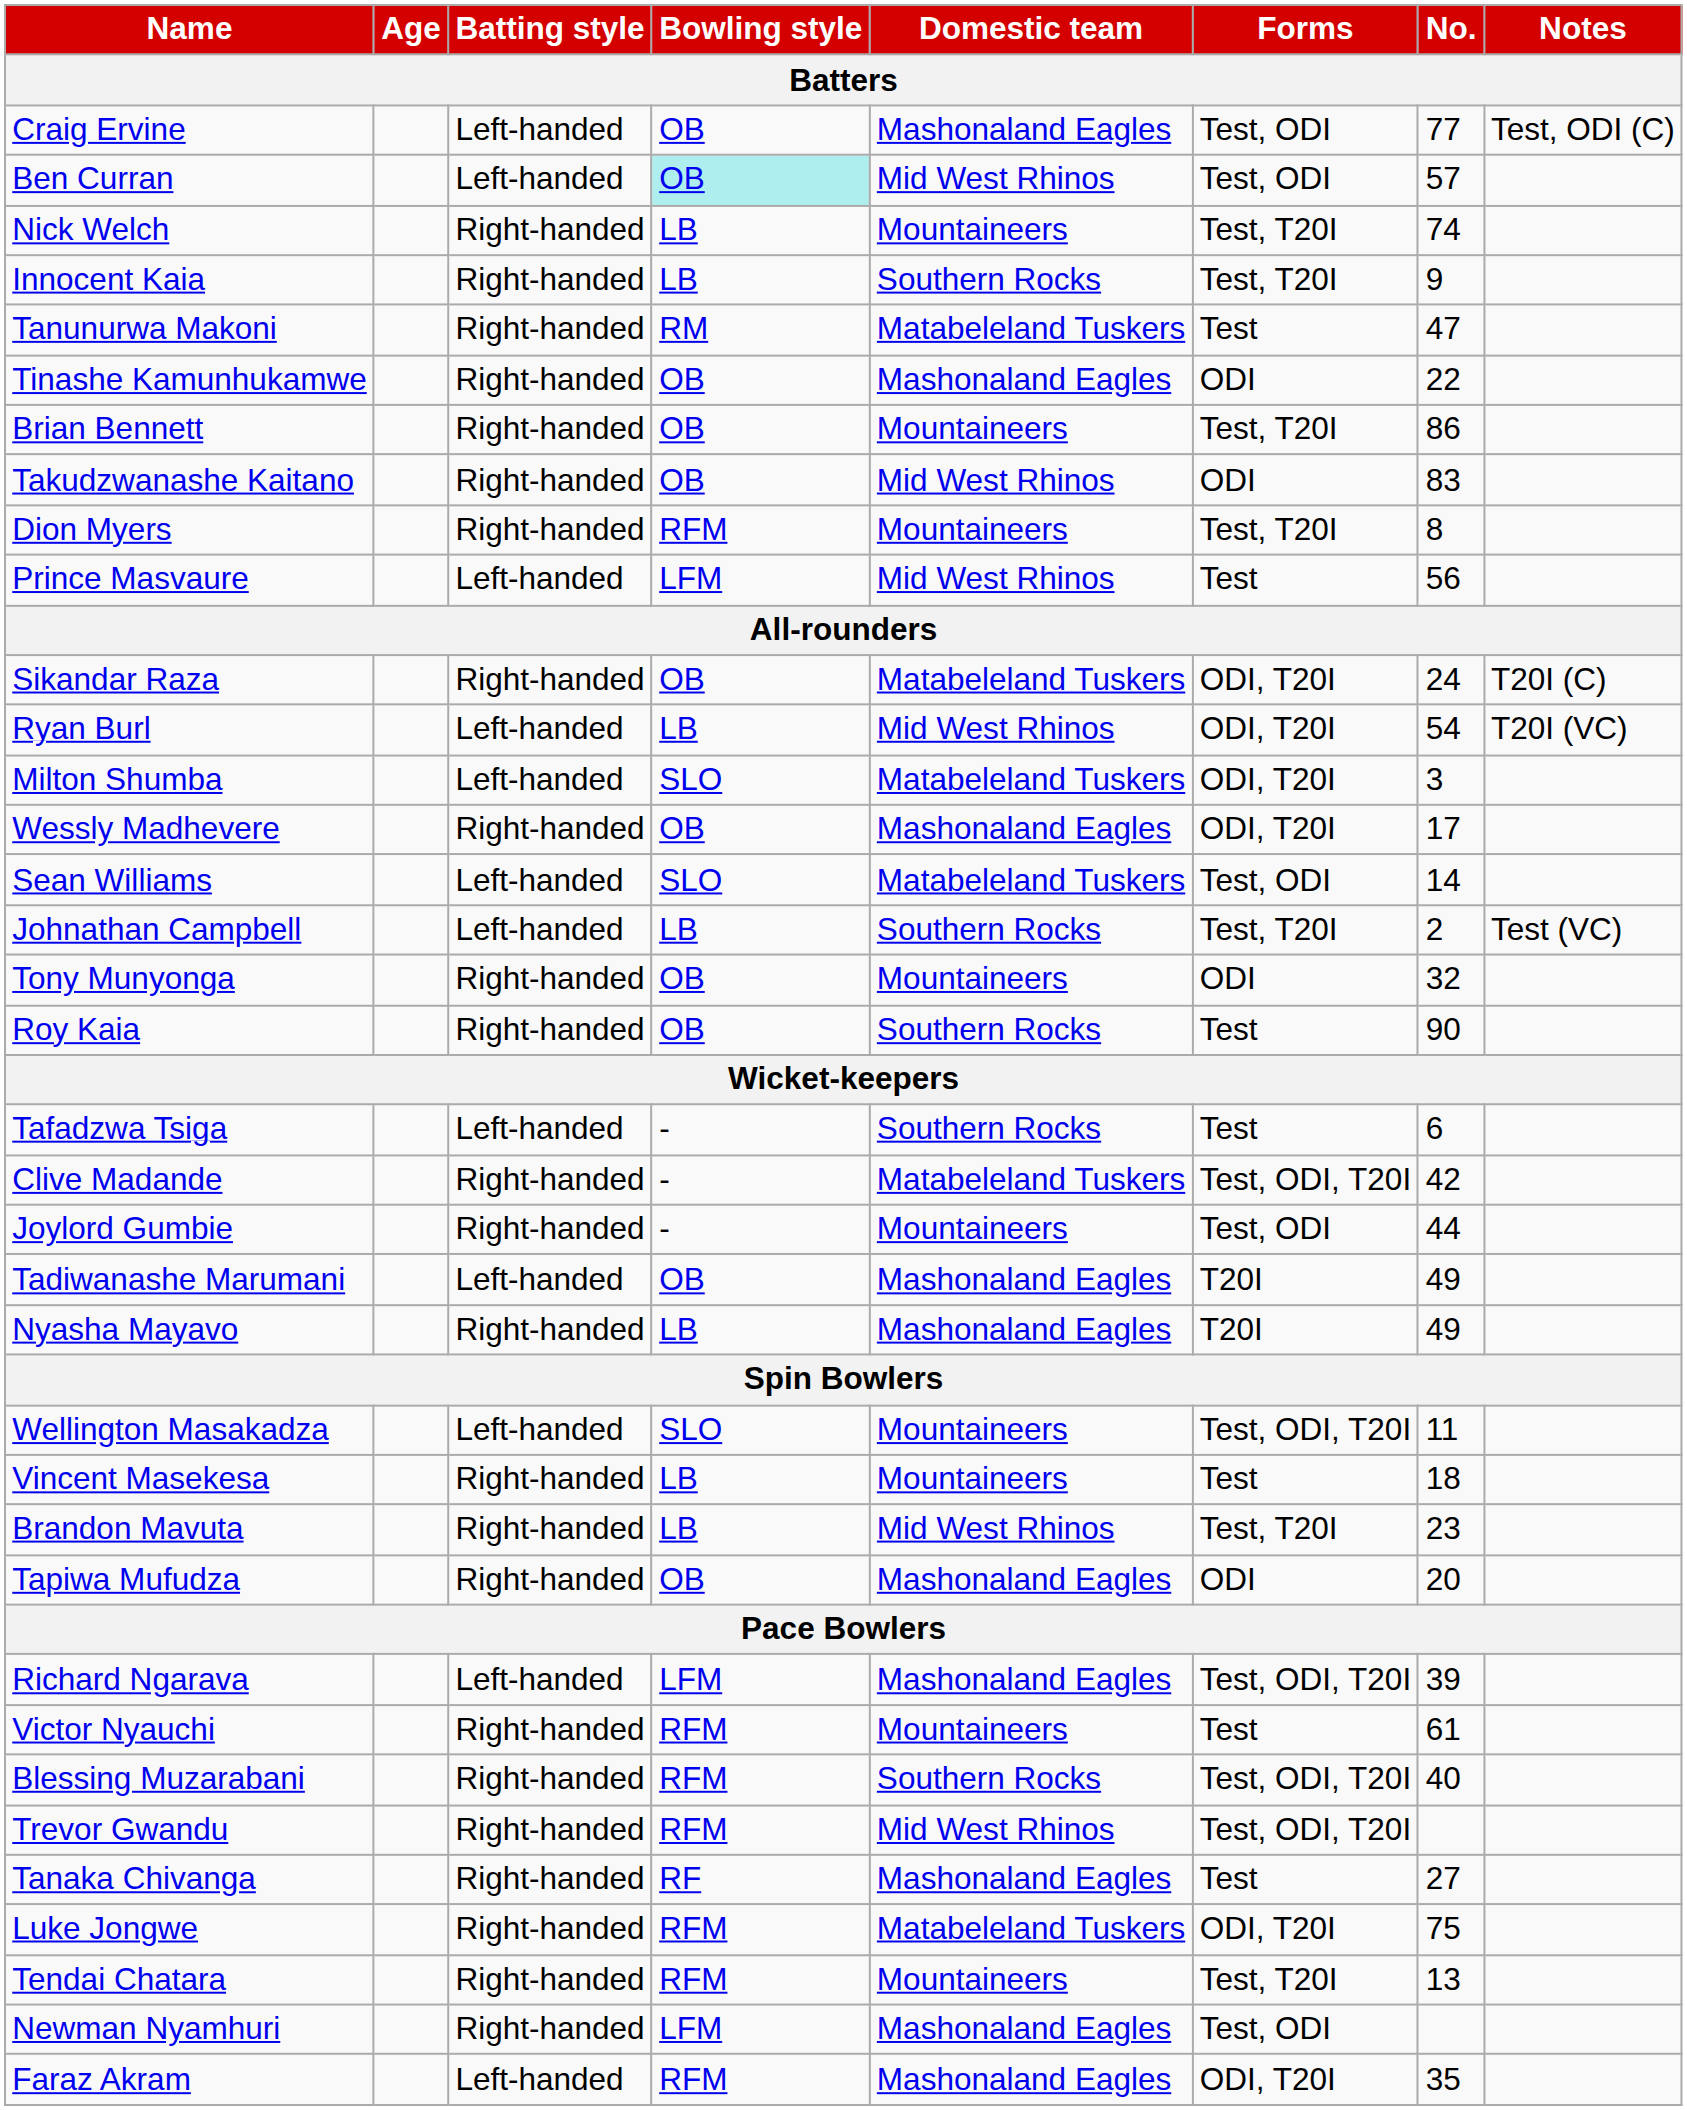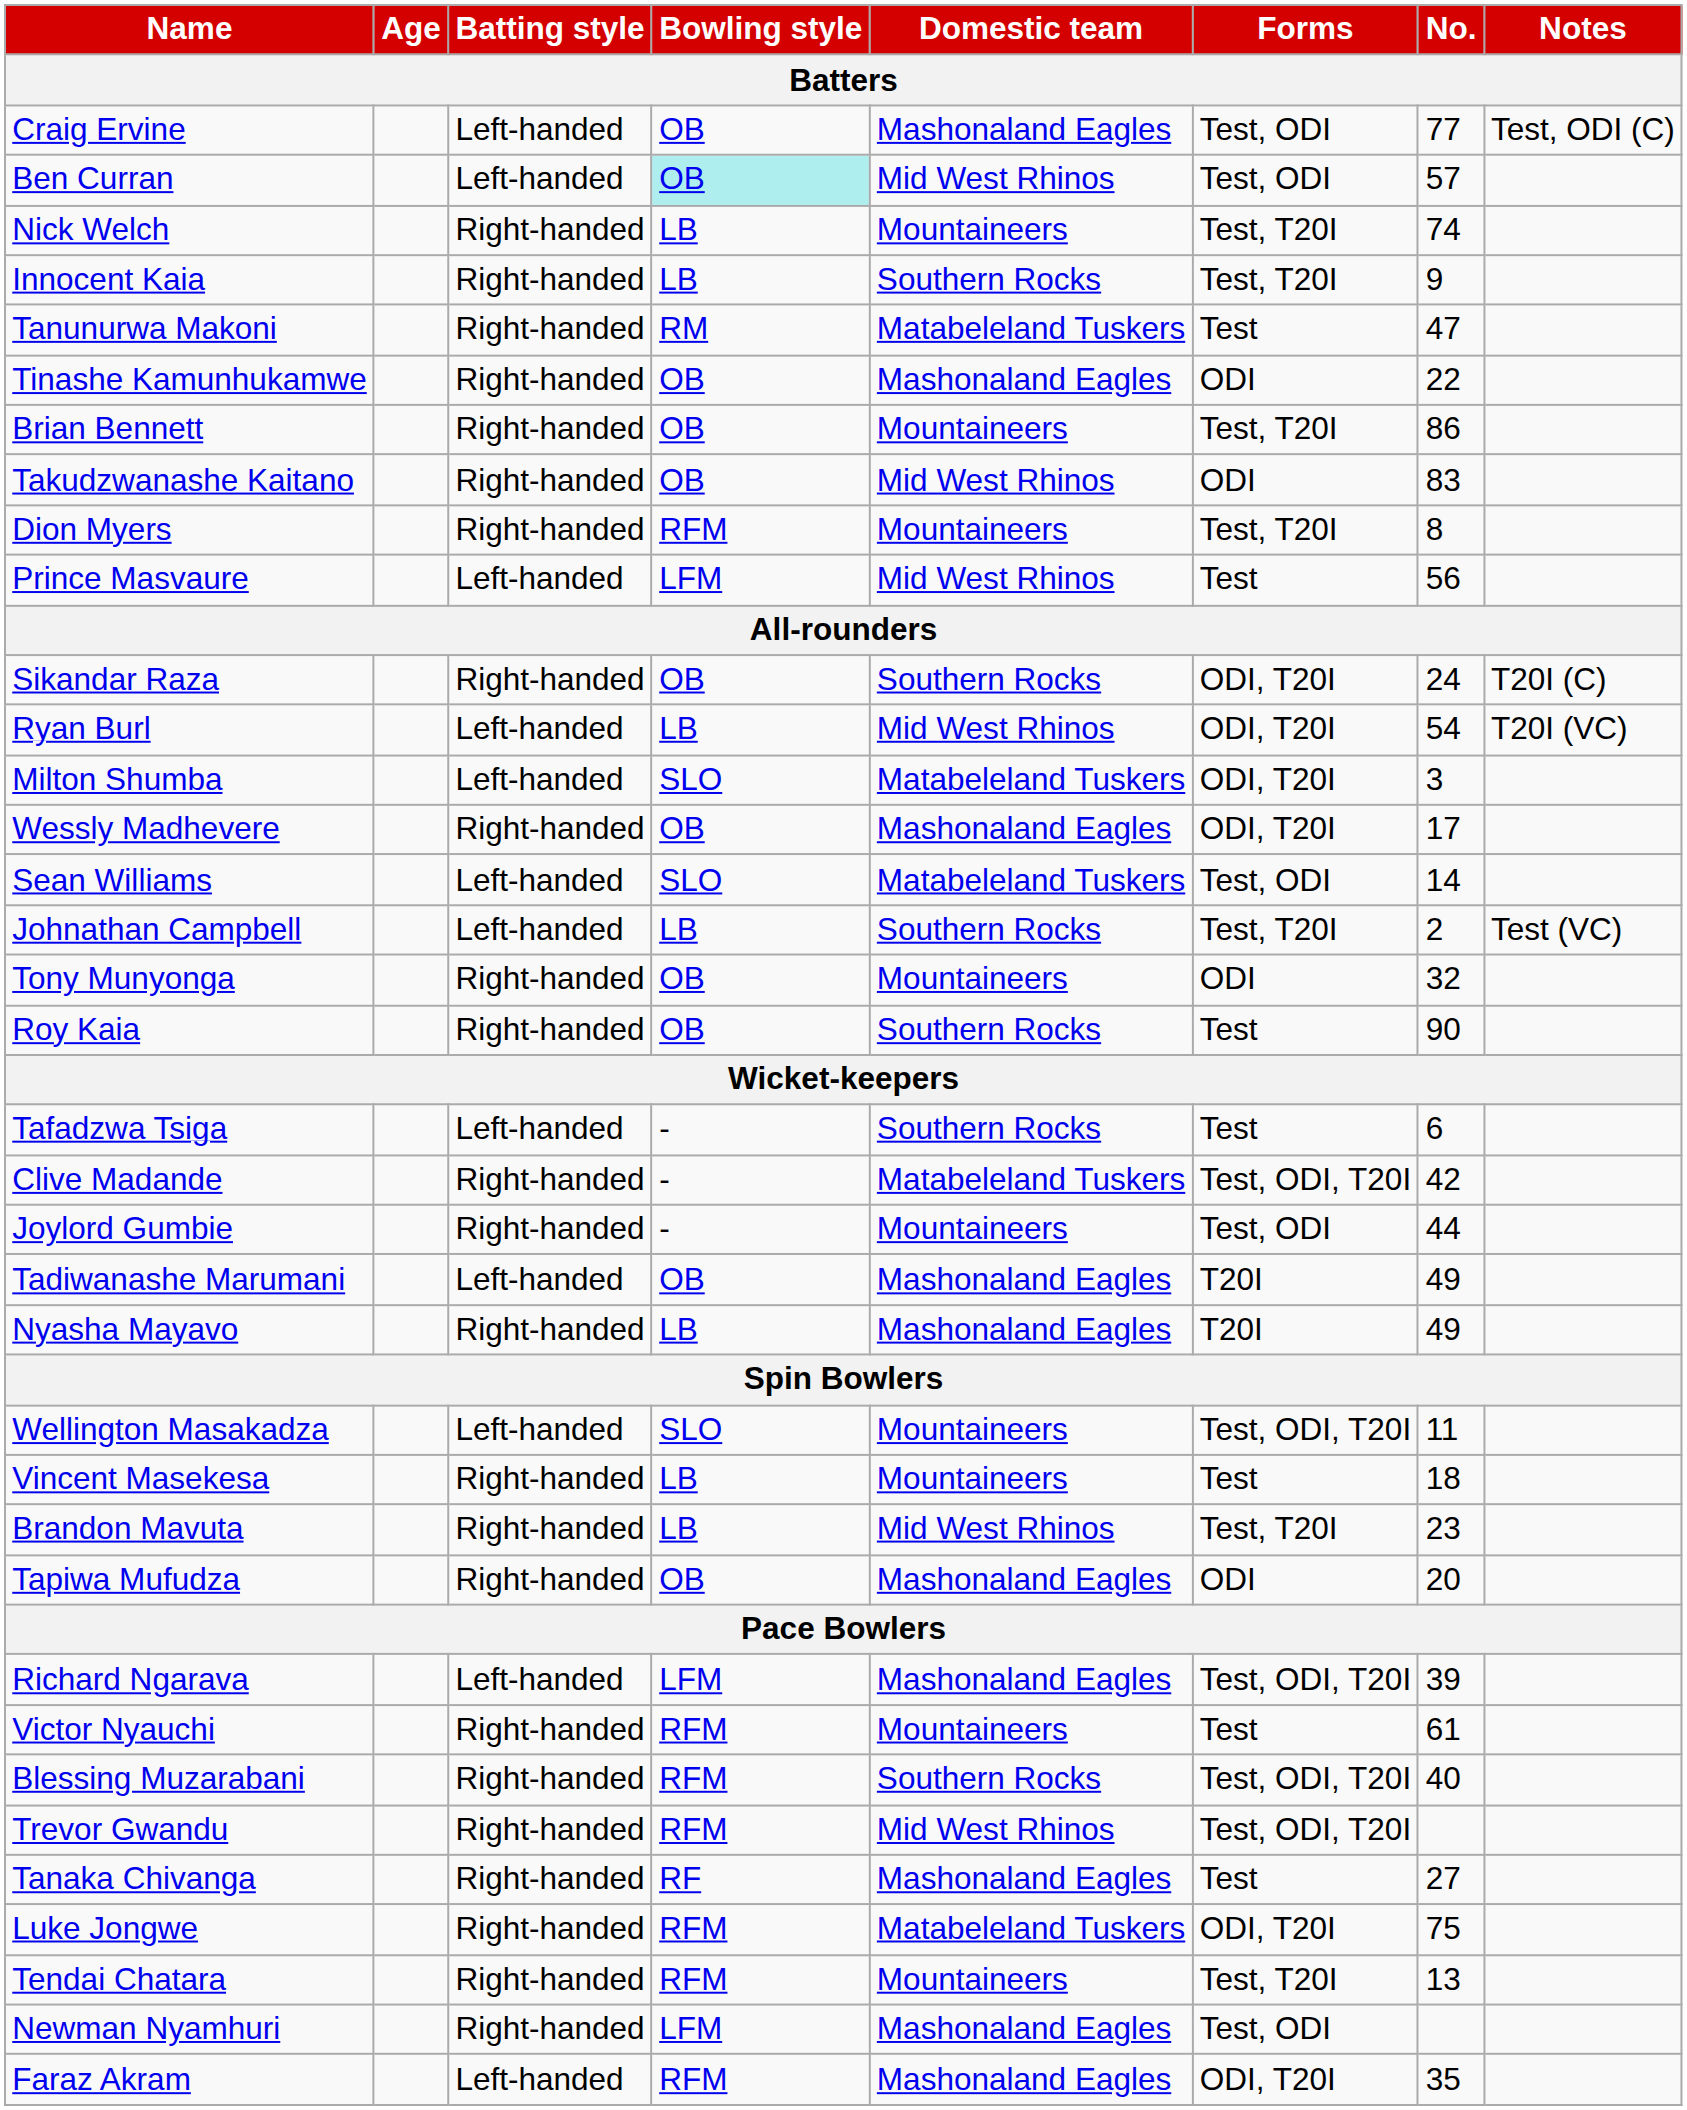 <table class="wikitable">
 <tr>
 <th style="text-align:center; background:#D40000; color:white;">Name</th>
 <th style="text-align:center; background:#D40000; color:white;">Age</th>
 <th style="text-align:center; background:#D40000; color:white;">Batting style</th>
 <th style="text-align:center; background:#D40000; color:white;">Bowling style</th>
 <th style="text-align:center; background:#D40000; color:white;">Domestic team</th>
 <th style="text-align:center; background:#D40000; color:white;">Forms</th>
 <th style="text-align:center; background:#D40000; color:white;">No.</th>
 <th style="text-align:center; background:#D40000; color:white;">Notes</th>
 </tr>
 <tr>
 <th colspan="9">Batters</th>
 </tr>
 <tr>
 <td><a href='#'>Craig Ervine</a></td>
 <td></td>
 <td>Left-handed</td>
 <td><a href='#'>OB</a></td>
 <td><a href='#'>Mashonaland Eagles</a></td>
 <td>Test, ODI</td>
 <td>77</td>
 <td>Test, ODI (C)</td>
 </tr>
 <tr>
 <td><a href='#'>Ben Curran</a></td>
 <td></td>
 <td>Left-handed</td>
 <td style="background: paleturquoise;"><a href='#'>OB</a></td>
 <td><a href='#'>Mid West Rhinos</a></td>
 <td>Test, ODI</td>
 <td>57</td>
 <td></td>
 </tr>
 <tr>
 <td><a href='#'>Nick Welch</a></td>
 <td></td>
 <td>Right-handed</td>
 <td><a href='#'>LB</a></td>
 <td><a href='#'>Mountaineers</a></td>
 <td>Test, T20I</td>
 <td>74</td>
 <td></td>
 </tr>
 <tr>
 <td><a href='#'>Innocent Kaia</a></td>
 <td></td>
 <td>Right-handed</td>
 <td><a href='#'>LB</a></td>
 <td><a href='#'>Southern Rocks</a></td>
 <td>Test, T20I</td>
 <td>9</td>
 <td></td>
 </tr>
 <tr>
 <td><a href='#'>Tanunurwa Makoni</a></td>
 <td></td>
 <td>Right-handed</td>
 <td><a href='#'>RM</a></td>
 <td><a href='#'>Matabeleland Tuskers</a></td>
 <td>Test</td>
 <td>47</td>
 <td></td>
 </tr>
 <tr>
 <td><a href='#'>Tinashe Kamunhukamwe</a></td>
 <td></td>
 <td>Right-handed</td>
 <td><a href='#'>OB</a></td>
 <td><a href='#'>Mashonaland Eagles</a></td>
 <td>ODI</td>
 <td>22</td>
 <td></td>
 </tr>
 <tr>
 <td><a href='#'>Brian Bennett</a></td>
 <td></td>
 <td>Right-handed</td>
 <td><a href='#'>OB</a></td>
 <td><a href='#'>Mountaineers</a></td>
 <td>Test, T20I</td>
 <td>86</td>
 <td></td>
 </tr>
 <tr>
 <td><a href='#'>Takudzwanashe Kaitano</a></td>
 <td></td>
 <td>Right-handed</td>
 <td><a href='#'>OB</a></td>
 <td><a href='#'>Mid West Rhinos</a></td>
 <td>ODI</td>
 <td>83</td>
 <td></td>
 </tr>
 <tr>
 <td><a href='#'>Dion Myers</a></td>
 <td></td>
 <td>Right-handed</td>
 <td><a href='#'>RFM</a></td>
 <td><a href='#'>Mountaineers</a></td>
 <td>Test, T20I</td>
 <td>8</td>
 <td></td>
 </tr>
 <tr>
 <td><a href='#'>Prince Masvaure</a></td>
 <td></td>
 <td>Left-handed</td>
 <td><a href='#'>LFM</a></td>
 <td><a href='#'>Mid West Rhinos</a></td>
 <td>Test</td>
 <td>56</td>
 <td></td>
 </tr>
 <tr>
 <th colspan="8">All-rounders</th>
 </tr>
 <tr>
 <td><a href='#'>Sikandar Raza</a></td>
 <td></td>
 <td>Right-handed</td>
 <td><a href='#'>OB</a></td>
-<td><a href='#'>Matabeleland Tuskers</a></td>
+<td><a href='#'>Southern Rocks</a></td>
 <td>ODI, T20I</td>
 <td>24</td>
 <td>T20I (C)</td>
 </tr>
 <tr>
 <td><a href='#'>Ryan Burl</a></td>
 <td></td>
 <td>Left-handed</td>
 <td><a href='#'>LB</a></td>
 <td><a href='#'>Mid West Rhinos</a></td>
 <td>ODI, T20I</td>
 <td>54</td>
 <td>T20I (VC)</td>
 </tr>
 <tr>
 <td><a href='#'>Milton Shumba</a></td>
 <td></td>
 <td>Left-handed</td>
 <td><a href='#'>SLO</a></td>
 <td><a href='#'>Matabeleland Tuskers</a></td>
 <td>ODI, T20I</td>
 <td>3</td>
 <td></td>
 </tr>
 <tr>
 <td><a href='#'>Wessly Madhevere</a></td>
 <td></td>
 <td>Right-handed</td>
 <td><a href='#'>OB</a></td>
 <td><a href='#'>Mashonaland Eagles</a></td>
 <td>ODI, T20I</td>
 <td>17</td>
 <td></td>
 </tr>
 <tr>
 <td><a href='#'>Sean Williams</a></td>
 <td></td>
 <td>Left-handed</td>
 <td><a href='#'>SLO</a></td>
 <td><a href='#'>Matabeleland Tuskers</a></td>
 <td>Test, ODI</td>
 <td>14</td>
 <td></td>
 </tr>
 <tr>
 <td><a href='#'>Johnathan Campbell</a></td>
 <td></td>
 <td>Left-handed</td>
 <td><a href='#'>LB</a></td>
 <td><a href='#'>Southern Rocks</a></td>
 <td>Test, T20I</td>
 <td>2</td>
 <td>Test (VC)</td>
 </tr>
 <tr>
 <td><a href='#'>Tony Munyonga</a></td>
 <td></td>
 <td>Right-handed</td>
 <td><a href='#'>OB</a></td>
 <td><a href='#'>Mountaineers</a></td>
 <td>ODI</td>
 <td>32</td>
 <td></td>
 </tr>
 <tr>
 <td><a href='#'>Roy Kaia</a></td>
 <td></td>
 <td>Right-handed</td>
 <td><a href='#'>OB</a></td>
 <td><a href='#'>Southern Rocks</a></td>
 <td>Test</td>
 <td>90</td>
 <td></td>
 </tr>
 <tr>
 <th colspan="8">Wicket-keepers</th>
 </tr>
 <tr>
 <td><a href='#'>Tafadzwa Tsiga</a></td>
 <td></td>
 <td>Left-handed</td>
 <td>-</td>
 <td><a href='#'>Southern Rocks</a></td>
 <td>Test</td>
 <td>6</td>
 <td></td>
 </tr>
 <tr>
 <td><a href='#'>Clive Madande</a></td>
 <td></td>
 <td>Right-handed</td>
 <td>-</td>
 <td><a href='#'>Matabeleland Tuskers</a></td>
 <td>Test, ODI, T20I</td>
 <td>42</td>
 <td></td>
 </tr>
 <tr>
 <td><a href='#'>Joylord Gumbie</a></td>
 <td></td>
 <td>Right-handed</td>
 <td>-</td>
 <td><a href='#'>Mountaineers</a></td>
 <td>Test, ODI</td>
 <td>44</td>
 <td></td>
 </tr>
 <tr>
 <td><a href='#'>Tadiwanashe Marumani</a></td>
 <td></td>
 <td>Left-handed</td>
 <td><a href='#'>OB</a></td>
 <td><a href='#'>Mashonaland Eagles</a></td>
 <td>T20I</td>
 <td>49</td>
 <td></td>
 </tr>
 <tr>
 <td><a href='#'>Nyasha Mayavo</a></td>
 <td></td>
 <td>Right-handed</td>
 <td><a href='#'>LB</a></td>
 <td><a href='#'>Mashonaland Eagles</a></td>
 <td>T20I</td>
 <td>49</td>
 <td></td>
 </tr>
 <tr>
 <th colspan="8">Spin Bowlers</th>
 </tr>
 <tr>
 <td><a href='#'>Wellington Masakadza</a></td>
 <td></td>
 <td>Left-handed</td>
 <td><a href='#'>SLO</a></td>
 <td><a href='#'>Mountaineers</a></td>
 <td>Test, ODI, T20I</td>
 <td>11</td>
 <td></td>
 </tr>
 <tr>
 <td><a href='#'>Vincent Masekesa</a></td>
 <td></td>
 <td>Right-handed</td>
 <td><a href='#'>LB</a></td>
 <td><a href='#'>Mountaineers</a></td>
 <td>Test</td>
 <td>18</td>
 <td></td>
 </tr>
 <tr>
 <td><a href='#'>Brandon Mavuta</a></td>
 <td></td>
 <td>Right-handed</td>
 <td><a href='#'>LB</a></td>
 <td><a href='#'>Mid West Rhinos</a></td>
 <td>Test, T20I</td>
 <td>23</td>
 <td></td>
 </tr>
 <tr>
 <td><a href='#'>Tapiwa Mufudza</a></td>
 <td></td>
 <td>Right-handed</td>
 <td><a href='#'>OB</a></td>
 <td><a href='#'>Mashonaland Eagles</a></td>
 <td>ODI</td>
 <td>20</td>
 <td></td>
 </tr>
 <tr>
 <th colspan="8">Pace Bowlers</th>
 </tr>
 <tr>
 <td><a href='#'>Richard Ngarava</a></td>
 <td></td>
 <td>Left-handed</td>
 <td><a href='#'>LFM</a></td>
 <td><a href='#'>Mashonaland Eagles</a></td>
 <td>Test, ODI, T20I</td>
 <td>39</td>
 <td></td>
 </tr>
 <tr>
 <td><a href='#'>Victor Nyauchi</a></td>
 <td></td>
 <td>Right-handed</td>
 <td><a href='#'>RFM</a></td>
 <td><a href='#'>Mountaineers</a></td>
 <td>Test</td>
 <td>61</td>
 <td></td>
 </tr>
 <tr>
 <td><a href='#'>Blessing Muzarabani</a></td>
 <td></td>
 <td>Right-handed</td>
 <td><a href='#'>RFM</a></td>
 <td><a href='#'>Southern Rocks</a></td>
 <td>Test, ODI, T20I</td>
 <td>40</td>
 <td></td>
 </tr>
 <tr>
 <td><a href='#'>Trevor Gwandu</a></td>
 <td></td>
 <td>Right-handed</td>
 <td><a href='#'>RFM</a></td>
 <td><a href='#'>Mid West Rhinos</a></td>
 <td>Test, ODI, T20I</td>
 <td></td>
 <td></td>
 </tr>
 <tr>
 <td><a href='#'>Tanaka Chivanga</a></td>
 <td></td>
 <td>Right-handed</td>
 <td><a href='#'>RF</a></td>
 <td><a href='#'>Mashonaland Eagles</a></td>
 <td>Test</td>
 <td>27</td>
 <td></td>
 </tr>
 <tr>
 <td><a href='#'>Luke Jongwe</a></td>
 <td></td>
 <td>Right-handed</td>
 <td><a href='#'>RFM</a></td>
 <td><a href='#'>Matabeleland Tuskers</a></td>
 <td>ODI, T20I</td>
 <td>75</td>
 <td></td>
 </tr>
 <tr>
 <td><a href='#'>Tendai Chatara</a></td>
 <td></td>
 <td>Right-handed</td>
 <td><a href='#'>RFM</a></td>
 <td><a href='#'>Mountaineers</a></td>
 <td>Test, T20I</td>
 <td>13</td>
 <td></td>
 </tr>
 <tr>
 <td><a href='#'>Newman Nyamhuri</a></td>
 <td></td>
 <td>Right-handed</td>
 <td><a href='#'>LFM</a></td>
 <td><a href='#'>Mashonaland Eagles</a></td>
 <td>Test, ODI</td>
 <td></td>
 <td></td>
 </tr>
 <tr>
 <td><a href='#'>Faraz Akram</a></td>
 <td></td>
 <td>Left-handed</td>
 <td><a href='#'>RFM</a></td>
 <td><a href='#'>Mashonaland Eagles</a></td>
 <td>ODI, T20I</td>
 <td>35</td>
 <td></td>
 </tr>
 </table>
